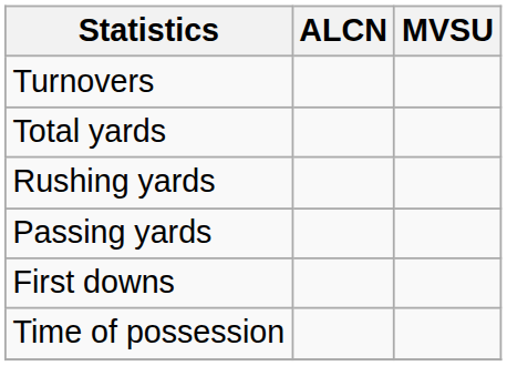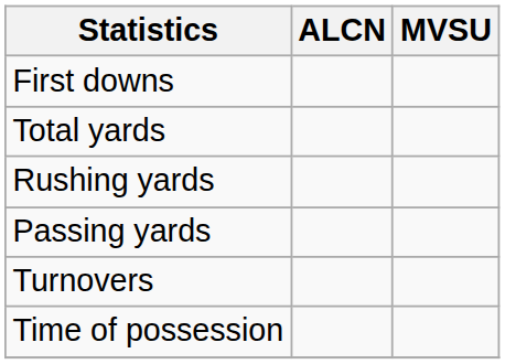 <table class="wikitable" style="float: left;">
 <tr>
 <th>Statistics</th>
 <th>ALCN</th>
 <th>MVSU</th>
 </tr>
 <tr>
-<td>Turnovers</td>
+<td>First downs</td>
 <td></td>
 <td></td>
 </tr>
 <tr>
 <td>Total yards</td>
 <td></td>
 <td></td>
 </tr>
 <tr>
 <td>Rushing yards</td>
 <td></td>
 <td></td>
 </tr>
 <tr>
 <td>Passing yards</td>
 <td></td>
 <td></td>
 </tr>
 <tr>
-<td>First downs</td>
+<td>Turnovers</td>
 <td></td>
 <td></td>
 </tr>
 <tr>
 <td>Time of possession</td>
 <td></td>
 <td></td>
 </tr>
 <tr>
 </tr>
 </table>
